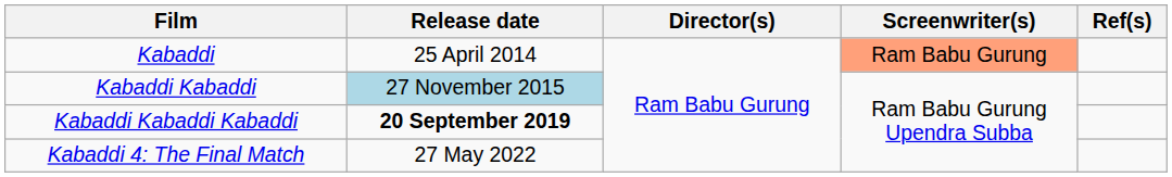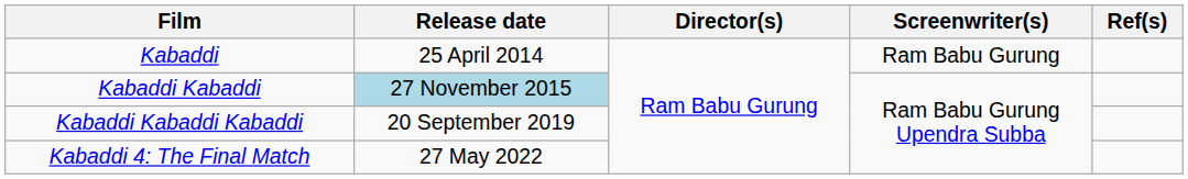 <table class="wikitable" style="text-align:center; width:70%;">
 <tr>
 <th>Film</th>
 <th>Release date</th>
 <th>Director(s)</th>
 <th>Screenwriter(s)</th>
 <th>Ref(s)</th>
 </tr>
 <tr>
 <td><em><a href='#'>Kabaddi</a></em></td>
 <td>25 April 2014</td>
 <td rowspan="4" style="text-align: center;"><a href='#'>Ram Babu Gurung</a></td>
-<td style="background: lightsalmon;">Ram Babu Gurung</td>
+<td>Ram Babu Gurung</td>
 <td></td>
 </tr>
 <tr>
 <td><em><a href='#'>Kabaddi Kabaddi</a></em></td>
 <td style="background: lightblue;">27 November 2015</td>
 <td rowspan="3"  style="text-align: center;">Ram Babu Gurung <br> <a href='#'>Upendra Subba</a></td>
 <td></td>
 </tr>
 <tr>
 <td><em><a href='#'>Kabaddi Kabaddi Kabaddi</a></em></td>
-<td><strong>20 September 2019</strong></td>
+<td>20 September 2019</td>
 <td></td>
 </tr>
 <tr>
 <td><em><a href='#'>Kabaddi 4: The Final Match</a></em></td>
 <td>27 May 2022</td>
 <td></td>
 </tr>
 </table>
